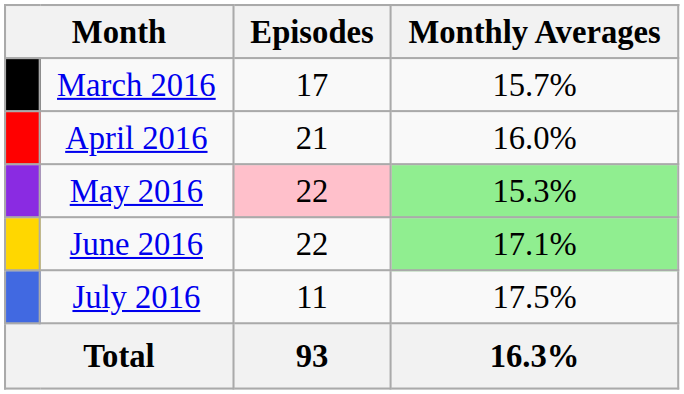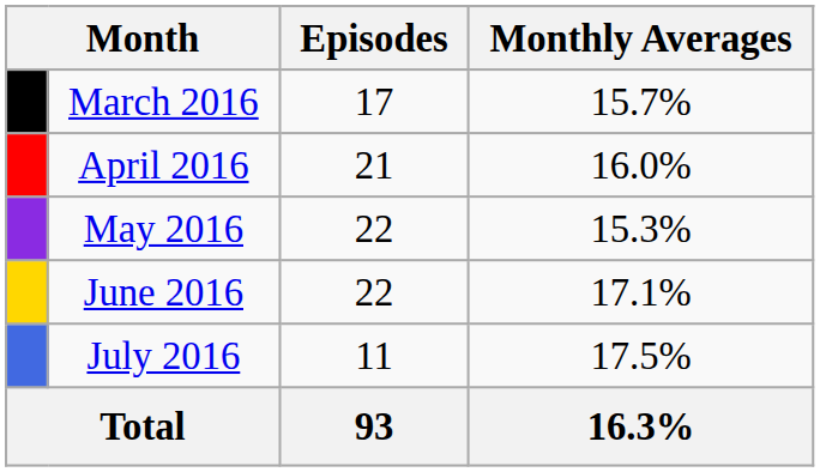 <table class="wikitable plainrowheaders" style="text-align: center; line-height:25px;">
 <tr class="wikitable" style="text-align: center;">
 <th colspan="2" rowspan="2" style="padding: 0 8px;">Month</th>
 <th rowspan="2" style="padding: 0 8px;">Episodes</th>
 </tr>
 <tr>
 <th style="padding: 0 8px;">Monthly Averages</th>
 </tr>
 <tr>
 <td style="padding: 0 8px; background:#000000;"></td>
 <td style="padding: 0 8px;" '><a href='#'>March 2016</a></td>
 <td style="padding: 0 8px;">17</td>
 <td style="padding: 0 8px;">15.7%</td>
 </tr>
 <tr>
 <td style="padding: 0 8px; background:#FF0000;"></td>
 <td style="padding: 0 8px;" '><a href='#'>April 2016</a></td>
 <td style="padding: 0 8px;">21</td>
 <td style="padding: 0 8px;">16.0%</td>
 </tr>
 <tr>
 <td style="padding: 0 8px; background:#8A2BE2;"></td>
 <td style="padding: 0 8px;" '><a href='#'>May 2016</a></td>
-<td style="background: pink; padding: 0 8px;">22</td>
-<td style="background: lightgreen; padding: 0 8px;">15.3%</td>
+<td style="padding: 0 8px;">22</td>
+<td style="padding: 0 8px;">15.3%</td>
 </tr>
 <tr>
 <td style="padding: 0 8px; background:#FFD700;"></td>
 <td style="padding: 0 8px;" '><a href='#'>June 2016</a></td>
 <td style="padding: 0 8px;">22</td>
-<td style="background: lightgreen; padding: 0 8px;">17.1%</td>
+<td style="padding: 0 8px;">17.1%</td>
 </tr>
 <tr>
 <td style="padding: 0 8px; background:#4169E1;"></td>
 <td style="padding: 0 8px;" '><a href='#'>July 2016</a></td>
 <td style="padding: 0 8px;">11</td>
 <td style="padding: 0 8px;">17.5%</td>
 </tr>
 <tr>
 <th colspan="2">Total</th>
 <th colspan="1">93</th>
 <th colspan="2">16.3%</th>
 </tr>
 </table>
